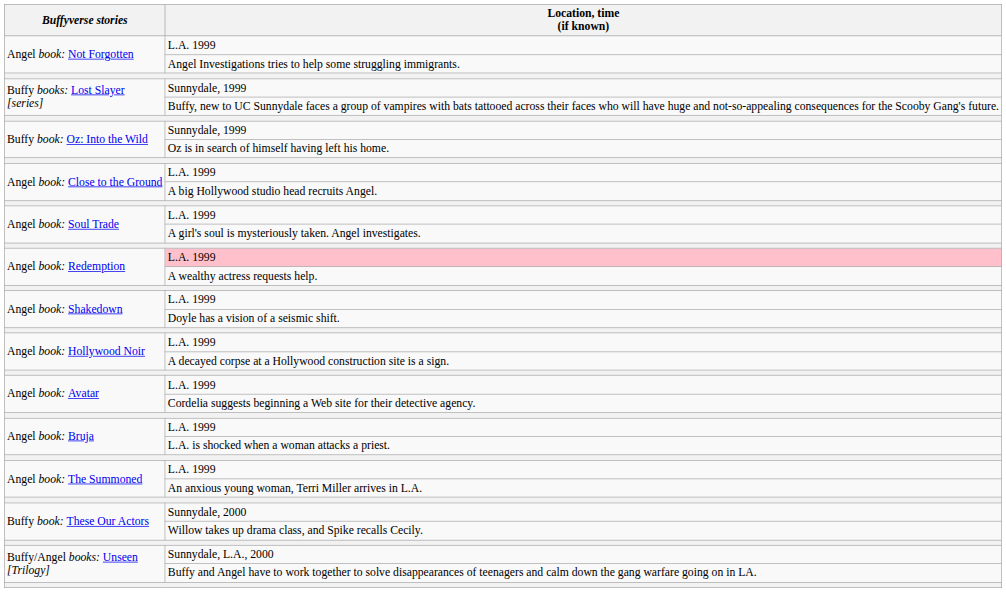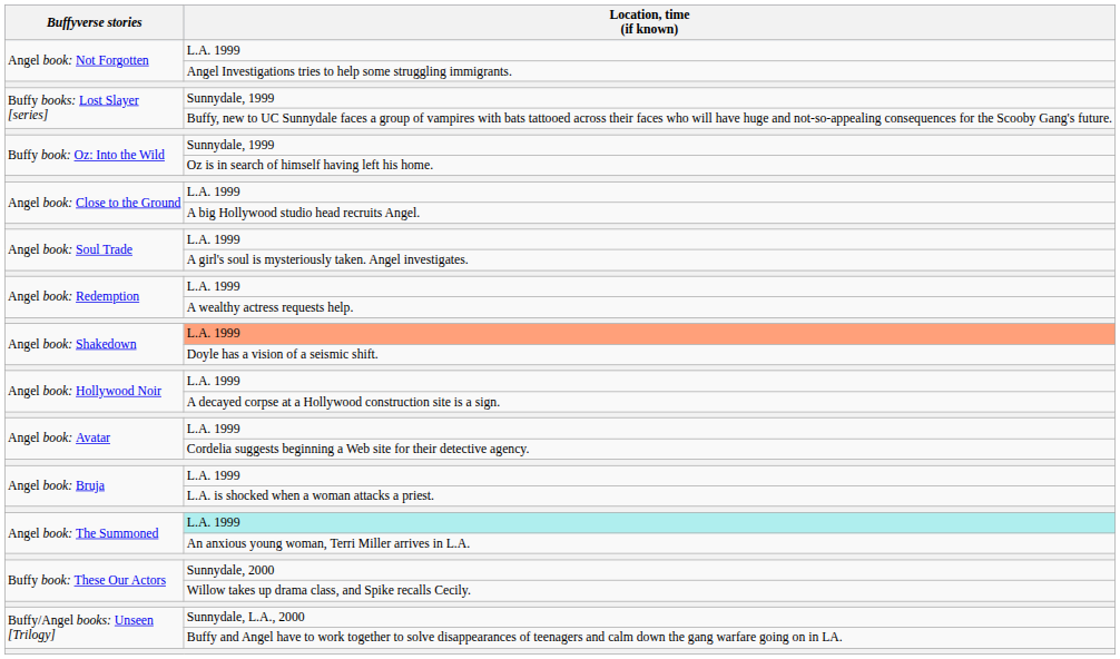 <table class="wikitable">
 <tr bgcolor="lightsteelblue" align=left>
 <th><strong><em>Buffyverse<em> stories<strong></th>
 <th></strong>Location, time<strong> <br>  (if known)</th>
 </tr>
 <tr>
 <td rowspan="2"></em>Angel<em> book: </em><a href='#'>Not Forgotten</a><em></td>
 <td>L.A. 1999</td>
 </tr>
 <tr>
 <td colspan="4">Angel Investigations tries to help some struggling immigrants.</td>
 </tr>
 <tr>
 <td colspan="6" bgcolor="#f2f2f2"></td>
 </tr>
 <tr>
 <td rowspan="2"></em>Buffy<em> books: </em><a href='#'>Lost Slayer</a><em> <br>[series]</td>
 <td>Sunnydale, 1999</td>
 </tr>
 <tr>
 <td colspan="4">Buffy, new to UC Sunnydale faces a group of vampires with bats tattooed across their faces who will have huge and not-so-appealing consequences for the Scooby Gang's future.</td>
 </tr>
 <tr>
 <td colspan="6" bgcolor="#f2f2f2"></td>
 </tr>
 <tr>
 <td rowspan="2"></em>Buffy<em> book: </em><a href='#'>Oz: Into the Wild</a><em></td>
 <td>Sunnydale, 1999</td>
 </tr>
 <tr>
 <td colspan="4">Oz is in search of himself having left his home.</td>
 </tr>
 <tr>
 <td colspan="6" bgcolor="#f2f2f2"></td>
 </tr>
 <tr>
 <td rowspan="2"></em>Angel<em> book: </em><a href='#'>Close to the Ground</a><em></td>
 <td>L.A. 1999</td>
 </tr>
 <tr>
 <td colspan="4">A big Hollywood studio head recruits Angel.</td>
 </tr>
 <tr>
 <td colspan="6" bgcolor="#f2f2f2"></td>
 </tr>
 <tr>
 <td rowspan="2"></em>Angel<em> book: </em><a href='#'>Soul Trade</a><em></td>
 <td>L.A. 1999</td>
 </tr>
 <tr>
 <td colspan="4">A girl's soul is mysteriously taken. Angel investigates.</td>
 </tr>
 <tr>
 <td colspan="6" bgcolor="#f2f2f2"></td>
 </tr>
 <tr>
 <td rowspan="2"></em>Angel<em> book: </em><a href='#'>Redemption</a><em></td>
-<td style="background: pink;">L.A. 1999</td>
+<td>L.A. 1999</td>
 </tr>
 <tr>
 <td colspan="4">A wealthy actress requests help.</td>
 </tr>
 <tr>
 <td colspan="6" bgcolor="#f2f2f2"></td>
 </tr>
 <tr>
 <td rowspan="2"></em>Angel<em> book: </em><a href='#'>Shakedown</a><em></td>
-<td>L.A. 1999</td>
+<td style="background: lightsalmon;">L.A. 1999</td>
 </tr>
 <tr>
 <td colspan="4">Doyle has a vision of a seismic shift.</td>
 </tr>
 <tr>
 <td colspan="6" bgcolor="#f2f2f2"></td>
 </tr>
 <tr>
 <td rowspan="2"></em>Angel<em> book: </em><a href='#'>Hollywood Noir</a><em></td>
 <td>L.A. 1999</td>
 </tr>
 <tr>
 <td colspan="4">A decayed corpse at a Hollywood construction site is a sign.</td>
 </tr>
 <tr>
 <td colspan="6" bgcolor="#f2f2f2"></td>
 </tr>
 <tr>
 <td rowspan="2"></em>Angel<em> book: </em><a href='#'>Avatar</a><em></td>
 <td>L.A. 1999</td>
 </tr>
 <tr>
 <td colspan="4">Cordelia suggests beginning a Web site for their detective agency.</td>
 </tr>
 <tr>
 <td colspan="6" bgcolor="#f2f2f2"></td>
 </tr>
 <tr>
 <td rowspan="2"></em>Angel<em> book: </em><a href='#'>Bruja</a><em></td>
 <td>L.A. 1999</td>
 </tr>
 <tr>
 <td colspan="4">L.A. is shocked when a woman attacks a priest.</td>
 </tr>
 <tr>
 <td colspan="6" bgcolor="#f2f2f2"></td>
 </tr>
 <tr>
 <td rowspan="2"></em>Angel<em> book: </em><a href='#'>The Summoned</a><em></td>
-<td>L.A. 1999</td>
+<td style="background: paleturquoise;">L.A. 1999</td>
 </tr>
 <tr>
 <td colspan="4">An anxious young woman, Terri Miller arrives in L.A.</td>
 </tr>
 <tr>
 <td colspan="6" bgcolor="#f2f2f2"></td>
 </tr>
 <tr>
 <td rowspan="2"></em>Buffy<em> book: </em><a href='#'>These Our Actors</a><em></td>
 <td>Sunnydale, 2000</td>
 </tr>
 <tr>
 <td colspan="4">Willow takes up drama class, and Spike recalls Cecily.</td>
 </tr>
 <tr>
 <td colspan="6" bgcolor="#f2f2f2"></td>
 </tr>
 <tr>
 <td rowspan="2"></em>Buffy/Angel<em> books: </em><a href='#'>Unseen</a><em> <br>[Trilogy]</td>
 <td>Sunnydale, L.A., 2000</td>
 </tr>
 <tr>
 <td colspan="4">Buffy and Angel have to work together to solve disappearances of teenagers and calm down the gang warfare going on in LA.</td>
 </tr>
 <tr>
 <td colspan="6" bgcolor="#f2f2f2"></td>
 </tr>
 </table>
